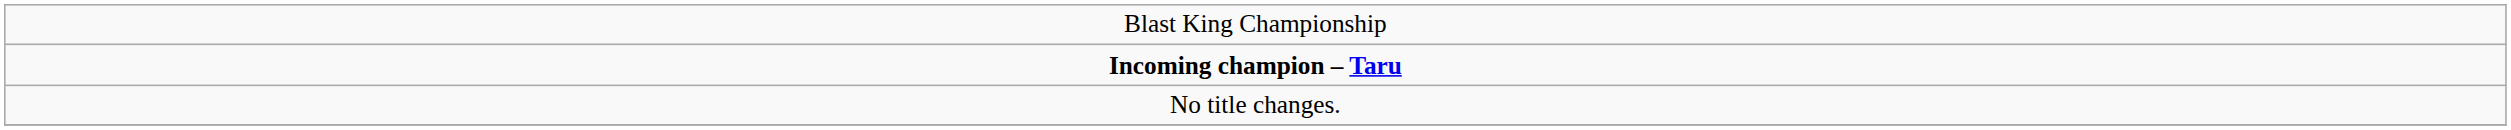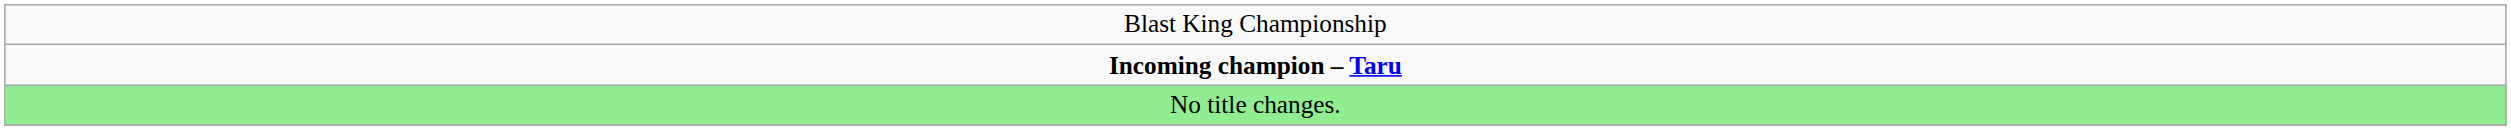 <table class="wikitable" style="text-align:center; width:100%;">
 <tr>
 <td colspan="5" style="text-align: center;">Blast King Championship</td>
 </tr>
 <tr>
 <td colspan="5" style="text-align: center;"><strong>Incoming champion –  <a href='#'>Taru</a></strong></td>
 </tr>
 <tr>
-<td>No title changes.</td>
+<td style="background: lightgreen;">No title changes.</td>
 </tr>
 <tr>
 </tr>
 </table>
